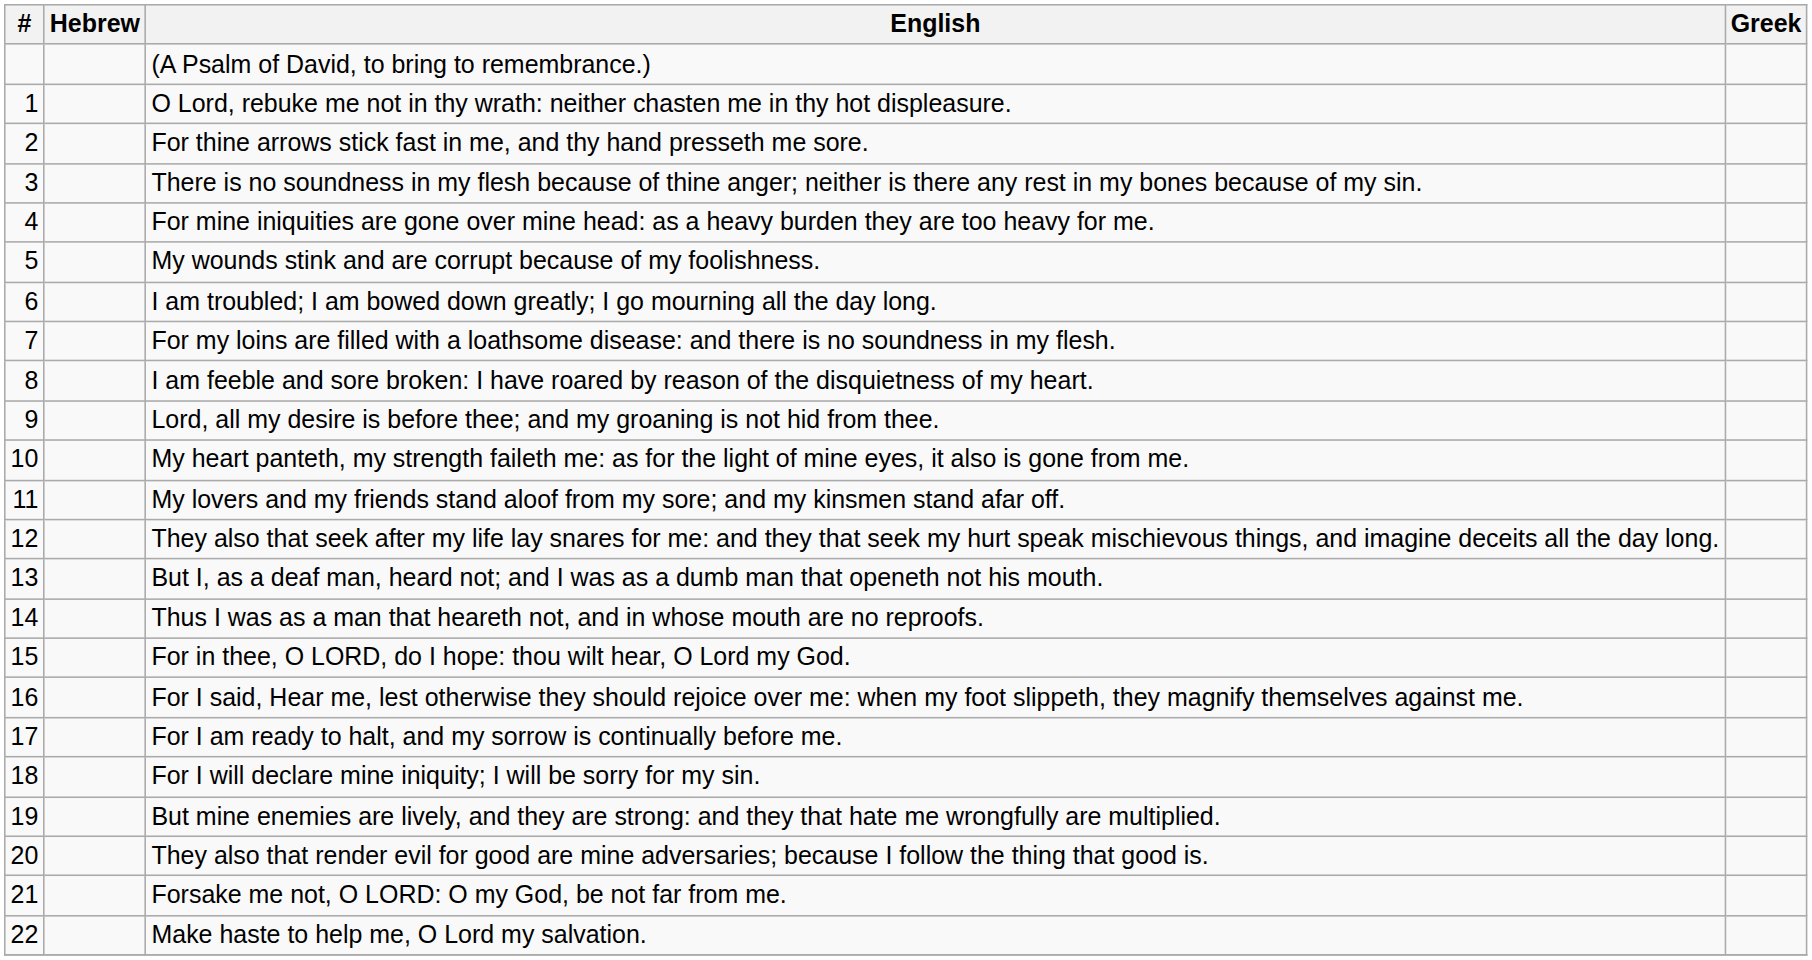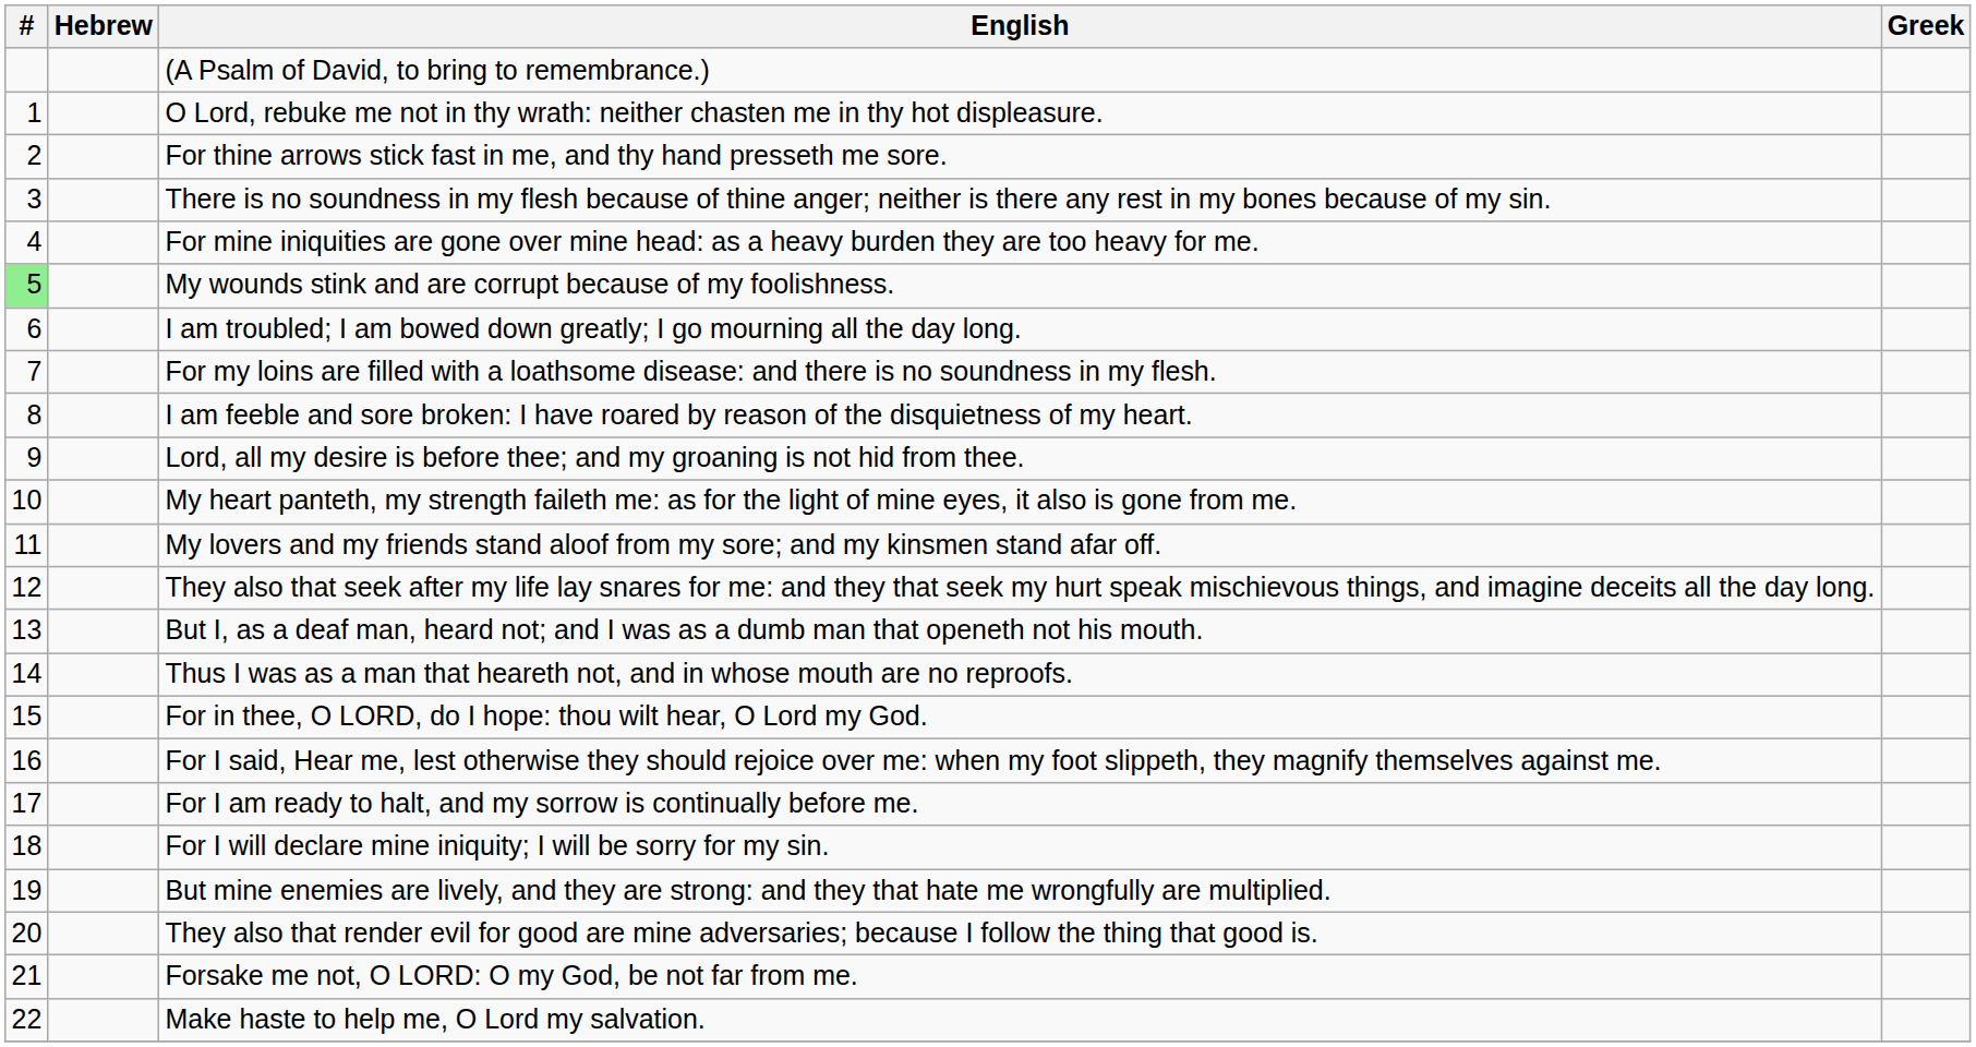 <table class=wikitable>
 <tr>
 <th>#</th>
 <th>Hebrew</th>
 <th>English</th>
 <th>Greek</th>
 </tr>
 <tr>
 <td style="text-align:right"></td>
 <td style="text-align:right"></td>
 <td>(A Psalm of David, to bring to remembrance.)</td>
 <td></td>
 </tr>
 <tr>
 <td style="text-align:right">1</td>
 <td style="text-align:right"></td>
 <td>O Lord, rebuke me not in thy wrath: neither chasten me in thy hot displeasure.</td>
 <td></td>
 </tr>
 <tr>
 <td style="text-align:right">2</td>
 <td style="text-align:right"></td>
 <td>For thine arrows stick fast in me, and thy hand presseth me sore.</td>
 <td></td>
 </tr>
 <tr>
 <td style="text-align:right">3</td>
 <td style="text-align:right"></td>
 <td>There is no soundness in my flesh because of thine anger; neither is there any rest in my bones because of my sin.</td>
 <td></td>
 </tr>
 <tr>
 <td style="text-align:right">4</td>
 <td style="text-align:right"></td>
 <td>For mine iniquities are gone over mine head: as a heavy burden they are too heavy for me.</td>
 <td></td>
 </tr>
 <tr>
-<td style="text-align:right">5</td>
+<td style="background: lightgreen; text-align:right">5</td>
 <td style="text-align:right"></td>
 <td>My wounds stink and are corrupt because of my foolishness.</td>
 <td></td>
 </tr>
 <tr>
 <td style="text-align:right">6</td>
 <td style="text-align:right"></td>
 <td>I am troubled; I am bowed down greatly; I go mourning all the day long.</td>
 <td></td>
 </tr>
 <tr>
 <td style="text-align:right">7</td>
 <td style="text-align:right"></td>
 <td>For my loins are filled with a loathsome disease: and there is no soundness in my flesh.</td>
 <td></td>
 </tr>
 <tr>
 <td style="text-align:right">8</td>
 <td style="text-align:right"></td>
 <td>I am feeble and sore broken: I have roared by reason of the disquietness of my heart.</td>
 <td></td>
 </tr>
 <tr>
 <td style="text-align:right">9</td>
 <td style="text-align:right"></td>
 <td>Lord, all my desire is before thee; and my groaning is not hid from thee.</td>
 <td></td>
 </tr>
 <tr>
 <td style="text-align:right">10</td>
 <td style="text-align:right"></td>
 <td>My heart panteth, my strength faileth me: as for the light of mine eyes, it also is gone from me.</td>
 <td></td>
 </tr>
 <tr>
 <td style="text-align:right">11</td>
 <td style="text-align:right"></td>
 <td>My lovers and my friends stand aloof from my sore; and my kinsmen stand afar off.</td>
 <td></td>
 </tr>
 <tr>
 <td style="text-align:right">12</td>
 <td style="text-align:right"></td>
 <td>They also that seek after my life lay snares for me: and they that seek my hurt speak mischievous things, and imagine deceits all the day long.</td>
 <td></td>
 </tr>
 <tr>
 <td style="text-align:right">13</td>
 <td style="text-align:right"></td>
 <td>But I, as a deaf man, heard not; and I was as a dumb man that openeth not his mouth.</td>
 <td></td>
 </tr>
 <tr>
 <td style="text-align:right">14</td>
 <td style="text-align:right"></td>
 <td>Thus I was as a man that heareth not, and in whose mouth are no reproofs.</td>
 <td></td>
 </tr>
 <tr>
 <td style="text-align:right">15</td>
 <td style="text-align:right"></td>
 <td>For in thee, O LORD, do I hope: thou wilt hear, O Lord my God.</td>
 <td></td>
 </tr>
 <tr>
 <td style="text-align:right">16</td>
 <td style="text-align:right"></td>
 <td>For I said, Hear me, lest otherwise they should rejoice over me: when my foot slippeth, they magnify themselves against me.</td>
 <td></td>
 </tr>
 <tr>
 <td style="text-align:right">17</td>
 <td style="text-align:right"></td>
 <td>For I am ready to halt, and my sorrow is continually before me.</td>
 <td></td>
 </tr>
 <tr>
 <td style="text-align:right">18</td>
 <td style="text-align:right"></td>
 <td>For I will declare mine iniquity; I will be sorry for my sin.</td>
 <td></td>
 </tr>
 <tr>
 <td style="text-align:right">19</td>
 <td style="text-align:right"></td>
 <td>But mine enemies are lively, and they are strong: and they that hate me wrongfully are multiplied.</td>
 <td></td>
 </tr>
 <tr>
 <td style="text-align:right">20</td>
 <td style="text-align:right"></td>
 <td>They also that render evil for good are mine adversaries; because I follow the thing that good is.</td>
 <td></td>
 </tr>
 <tr>
 <td style="text-align:right">21</td>
 <td style="text-align:right"></td>
 <td>Forsake me not, O LORD: O my God, be not far from me.</td>
 <td></td>
 </tr>
 <tr>
 <td style="text-align:right">22</td>
 <td style="text-align:right"></td>
 <td>Make haste to help me, O Lord my salvation.</td>
 <td></td>
 </tr>
 <tr>
 </tr>
 </table>
